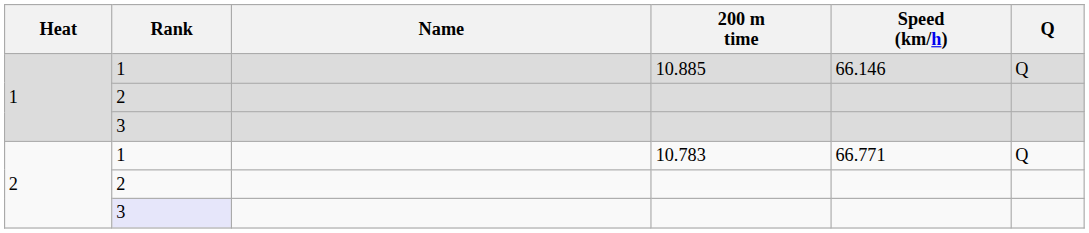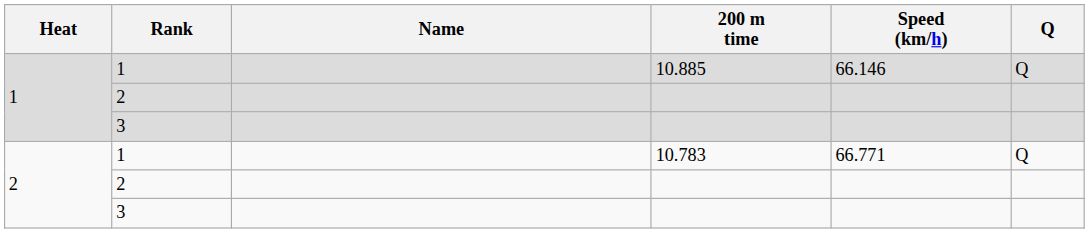 <table class="wikitable" width=75%>
 <tr>
 <th width=20>Heat</th>
 <th width=20>Rank</th>
 <th width=150>Name</th>
 <th width=60>200 m<br>time</th>
 <th width=60>Speed<br>(km/<a href='#'>h</a>)</th>
 <th width=20>Q</th>
 </tr>
 <tr bgcolor=dcdcdc>
 <td rowspan=3>1</td>
 <td>1</td>
 <td></td>
 <td>10.885</td>
 <td>66.146</td>
 <td>Q</td>
 </tr>
 <tr bgcolor=dcdcdc>
 <td>2</td>
 <td></td>
 <td></td>
 <td></td>
 <td></td>
 </tr>
 <tr bgcolor=dcdcdc>
 <td>3</td>
 <td></td>
 <td></td>
 <td></td>
 <td></td>
 </tr>
 <tr>
 <td rowspan=3>2</td>
 <td>1</td>
 <td></td>
 <td>10.783</td>
 <td>66.771</td>
 <td>Q</td>
 </tr>
 <tr>
 <td>2</td>
 <td></td>
 <td></td>
 <td></td>
 <td></td>
 </tr>
 <tr>
-<td style="background: lavender;">3</td>
+<td>3</td>
 <td></td>
 <td></td>
 <td></td>
 <td></td>
 </tr>
 </table>
